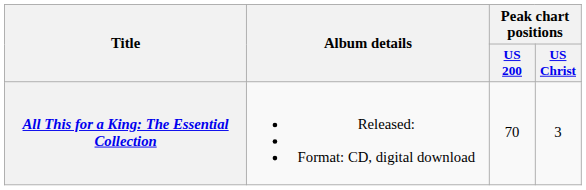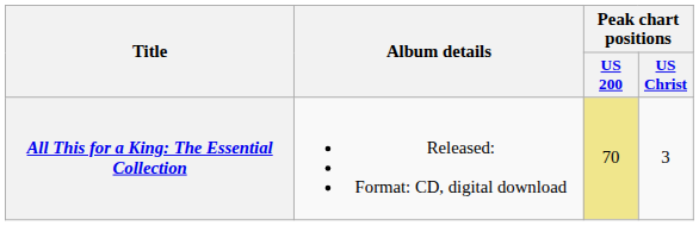 <table class="wikitable plainrowheaders" style="text-align:center;">
 <tr>
 <th scope="col" rowspan="2" style="width:16em;">Title</th>
 <th scope="col" rowspan="2" style="width:16em;">Album details</th>
 <th scope="col" colspan="2">Peak chart positions</th>
 </tr>
 <tr>
 <th style="width:3em; font-size:90%"><a href='#'>US<br>200</a><br></th>
 <th style="width:3em; font-size:90%"><a href='#'>US<br>Christ</a><br></th>
 </tr>
 <tr>
 <th scope="row"><em><a href='#'>All This for a King: The Essential Collection</a></em></th>
 <td><br><ul><li>Released: </li><li></li><li>Format: CD, digital download</li></ul></td>
-<td>70</td>
+<td style="background: khaki;">70</td>
 <td>3</td>
 </tr>
 </table>
